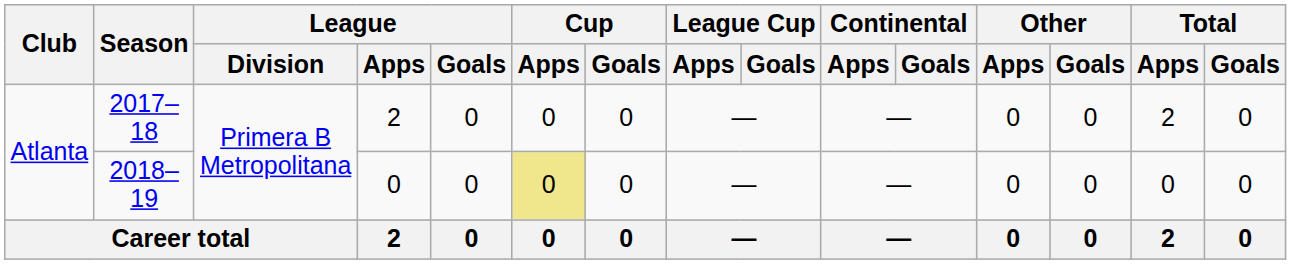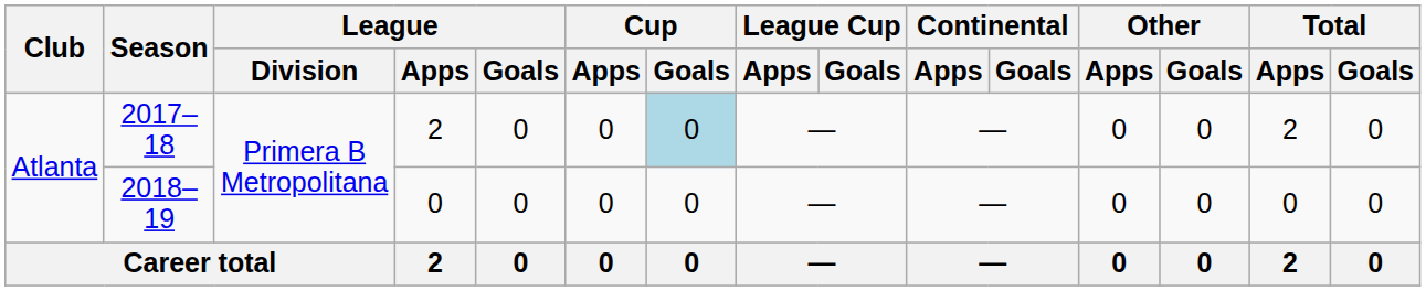 <table class="wikitable" style="text-align:center">
 <tr>
 <th rowspan="2">Club</th>
 <th rowspan="2">Season</th>
 <th colspan="3">League</th>
 <th colspan="2">Cup</th>
 <th colspan="2">League Cup</th>
 <th colspan="2">Continental</th>
 <th colspan="2">Other</th>
 <th colspan="2">Total</th>
 </tr>
 <tr>
 <th>Division</th>
 <th>Apps</th>
 <th>Goals</th>
 <th>Apps</th>
 <th>Goals</th>
 <th>Apps</th>
 <th>Goals</th>
 <th>Apps</th>
 <th>Goals</th>
 <th>Apps</th>
 <th>Goals</th>
 <th>Apps</th>
 <th>Goals</th>
 </tr>
 <tr>
 <td rowspan="2"><a href='#'>Atlanta</a></td>
 <td><a href='#'>2017–18</a></td>
 <td rowspan="2"><a href='#'>Primera B Metropolitana</a></td>
 <td>2</td>
 <td>0</td>
 <td>0</td>
-<td>0</td>
+<td style="background: lightblue;">0</td>
 <td colspan="2">—</td>
 <td colspan="2">—</td>
 <td>0</td>
 <td>0</td>
 <td>2</td>
 <td>0</td>
 </tr>
 <tr>
 <td><a href='#'>2018–19</a></td>
 <td>0</td>
 <td>0</td>
-<td style="background: khaki;">0</td>
+<td>0</td>
 <td>0</td>
 <td colspan="2">—</td>
 <td colspan="2">—</td>
 <td>0</td>
 <td>0</td>
 <td>0</td>
 <td>0</td>
 </tr>
 <tr>
 <th colspan="3">Career total</th>
 <th>2</th>
 <th>0</th>
 <th>0</th>
 <th>0</th>
 <th colspan="2">—</th>
 <th colspan="2">—</th>
 <th>0</th>
 <th>0</th>
 <th>2</th>
 <th>0</th>
 </tr>
 </table>
